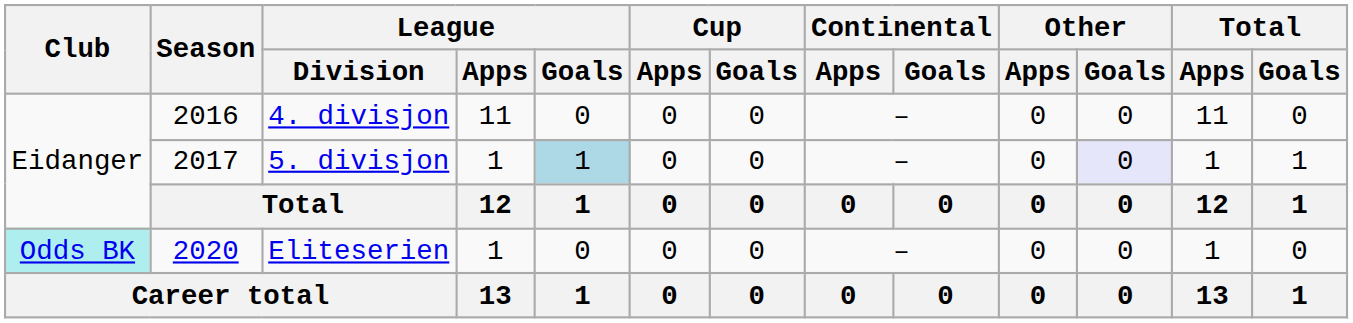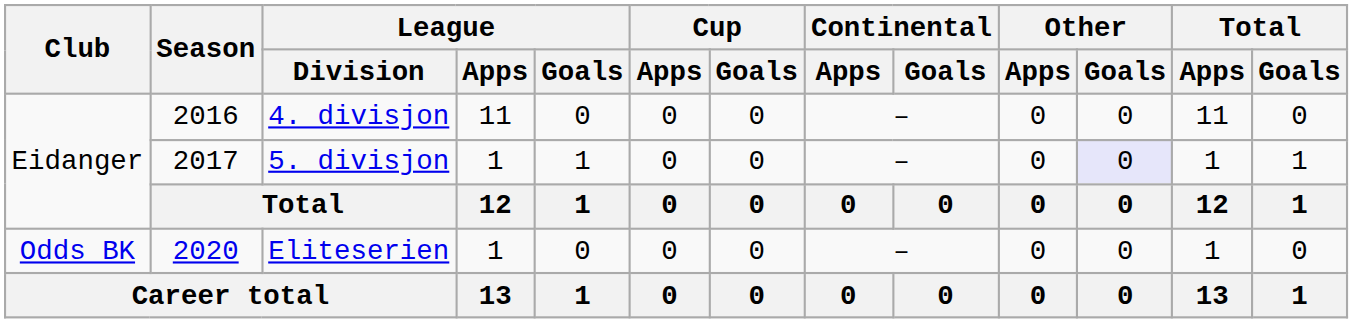 <table class="wikitable" style="text-align: center">
 <tr>
 <th rowspan="2">Club</th>
 <th rowspan="2">Season</th>
 <th colspan="3">League</th>
 <th colspan="2">Cup</th>
 <th colspan="2">Continental</th>
 <th colspan="2">Other</th>
 <th colspan="2">Total</th>
 </tr>
 <tr>
 <th>Division</th>
 <th>Apps</th>
 <th>Goals</th>
 <th>Apps</th>
 <th>Goals</th>
 <th>Apps</th>
 <th>Goals</th>
 <th>Apps</th>
 <th>Goals</th>
 <th>Apps</th>
 <th>Goals</th>
 </tr>
 <tr>
 <td rowspan="3">Eidanger</td>
 <td>2016</td>
 <td><a href='#'>4. divisjon</a></td>
 <td>11</td>
 <td>0</td>
 <td>0</td>
 <td>0</td>
 <td colspan="2">–</td>
 <td>0</td>
 <td>0</td>
 <td>11</td>
 <td>0</td>
 </tr>
 <tr>
 <td>2017</td>
 <td><a href='#'>5. divisjon</a></td>
 <td>1</td>
-<td style="background: lightblue;">1</td>
+<td>1</td>
 <td>0</td>
 <td>0</td>
 <td colspan="2">–</td>
 <td>0</td>
 <td style="background: lavender;">0</td>
 <td>1</td>
 <td>1</td>
 </tr>
 <tr>
 <th colspan=2>Total</th>
 <th>12</th>
 <th>1</th>
 <th>0</th>
 <th>0</th>
 <th>0</th>
 <th>0</th>
 <th>0</th>
 <th>0</th>
 <th>12</th>
 <th>1</th>
 </tr>
 <tr>
-<td style="background: paleturquoise;"><a href='#'>Odds BK</a></td>
+<td><a href='#'>Odds BK</a></td>
 <td><a href='#'>2020</a></td>
 <td><a href='#'>Eliteserien</a></td>
 <td>1</td>
 <td>0</td>
 <td>0</td>
 <td>0</td>
 <td colspan="2">–</td>
 <td>0</td>
 <td>0</td>
 <td>1</td>
 <td>0</td>
 </tr>
 <tr>
 <th colspan=3>Career total</th>
 <th>13</th>
 <th>1</th>
 <th>0</th>
 <th>0</th>
 <th>0</th>
 <th>0</th>
 <th>0</th>
 <th>0</th>
 <th>13</th>
 <th>1</th>
 </tr>
 </table>
